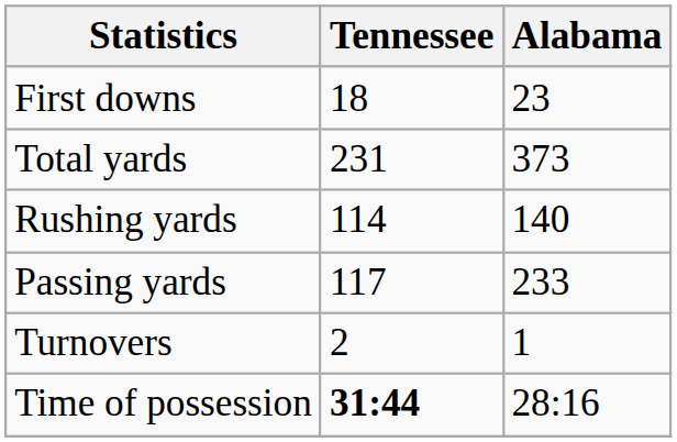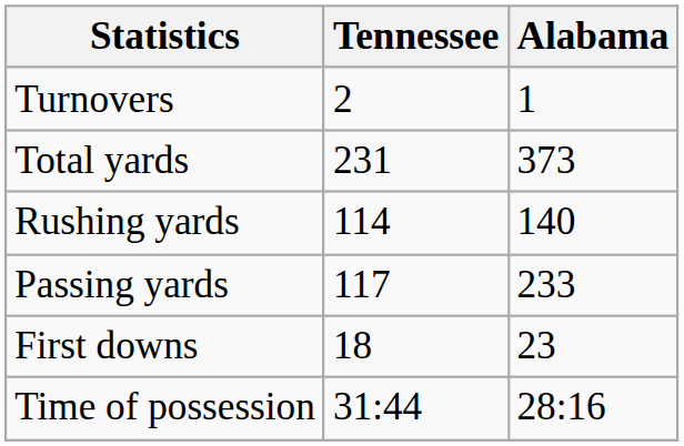 <table class="wikitable" style="float: left;">
 <tr>
 <th>Statistics</th>
 <th>Tennessee</th>
 <th>Alabama</th>
 </tr>
 <tr>
-<td>First downs</td>
-<td>18</td>
-<td>23</td>
+<td>Turnovers</td>
+<td>2</td>
+<td>1</td>
 </tr>
 <tr>
 <td>Total yards</td>
 <td>231</td>
 <td>373</td>
 </tr>
 <tr>
 <td>Rushing yards</td>
 <td>114</td>
 <td>140</td>
 </tr>
 <tr>
 <td>Passing yards</td>
 <td>117</td>
 <td>233</td>
 </tr>
 <tr>
-<td>Turnovers</td>
-<td>2</td>
-<td>1</td>
+<td>First downs</td>
+<td>18</td>
+<td>23</td>
 </tr>
 <tr>
 <td>Time of possession</td>
-<td><strong>31:44</strong></td>
+<td>31:44</td>
 <td>28:16</td>
 </tr>
 <tr>
 </tr>
 </table>
